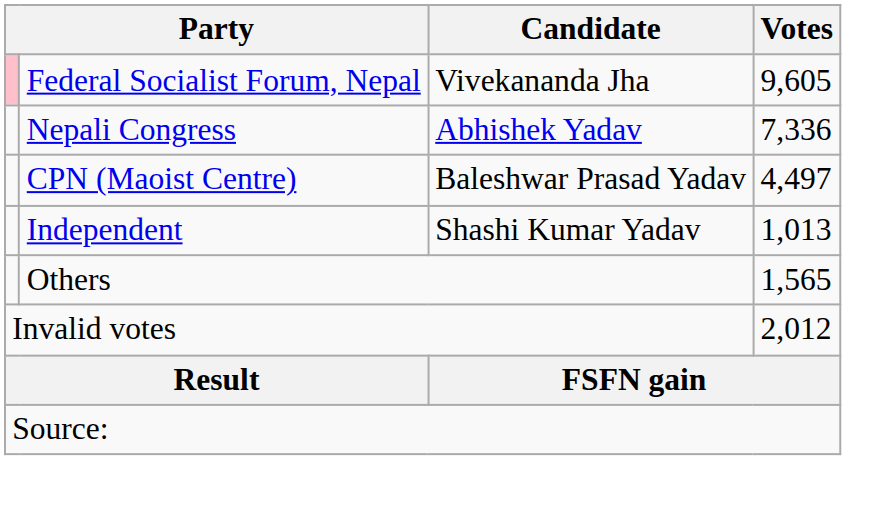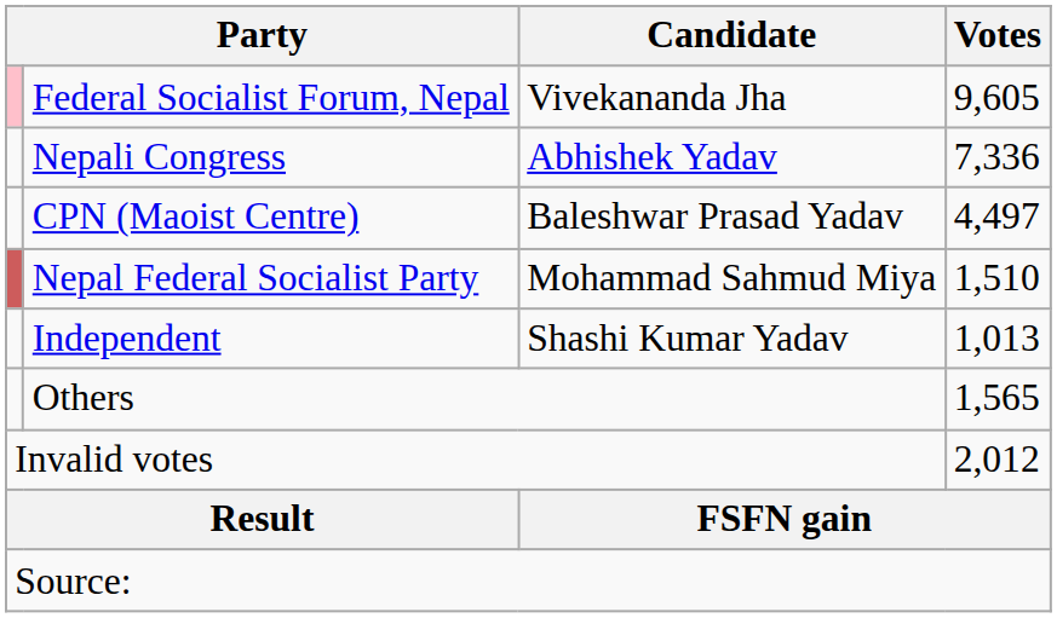 <table class="wikitable">
 <tr>
 <th colspan="2">Party</th>
 <th>Candidate</th>
 <th>Votes</th>
 </tr>
 <tr>
 <td style="background-color:pink"></td>
 <td><a href='#'>Federal Socialist Forum, Nepal</a></td>
 <td>Vivekananda Jha</td>
 <td>9,605</td>
 </tr>
 <tr>
 <td style="background-color:"></td>
 <td><a href='#'>Nepali Congress</a></td>
 <td><a href='#'>Abhishek Yadav</a></td>
 <td>7,336</td>
 </tr>
 <tr>
 <td style="background-color:"></td>
 <td><a href='#'>CPN (Maoist Centre)</a></td>
 <td>Baleshwar Prasad Yadav</td>
 <td>4,497</td>
 </tr>
 <tr>
+<td style="background-color:indianred"></td>
+<td><a href='#'>Nepal Federal Socialist Party</a></td>
+<td>Mohammad Sahmud Miya</td>
+<td>1,510</td>
+</tr>
+<tr>
 <td style="background-color:"></td>
 <td><a href='#'>Independent</a></td>
 <td>Shashi Kumar Yadav</td>
 <td>1,013</td>
 </tr>
 <tr>
 <td></td>
 <td colspan="2">Others</td>
 <td>1,565</td>
 </tr>
 <tr>
 <td colspan="3">Invalid votes</td>
 <td>2,012</td>
 </tr>
 <tr>
 <th colspan="2">Result</th>
 <th colspan="2">FSFN gain</th>
 </tr>
 <tr>
 <td colspan="4">Source: </td>
 </tr>
 </table>
